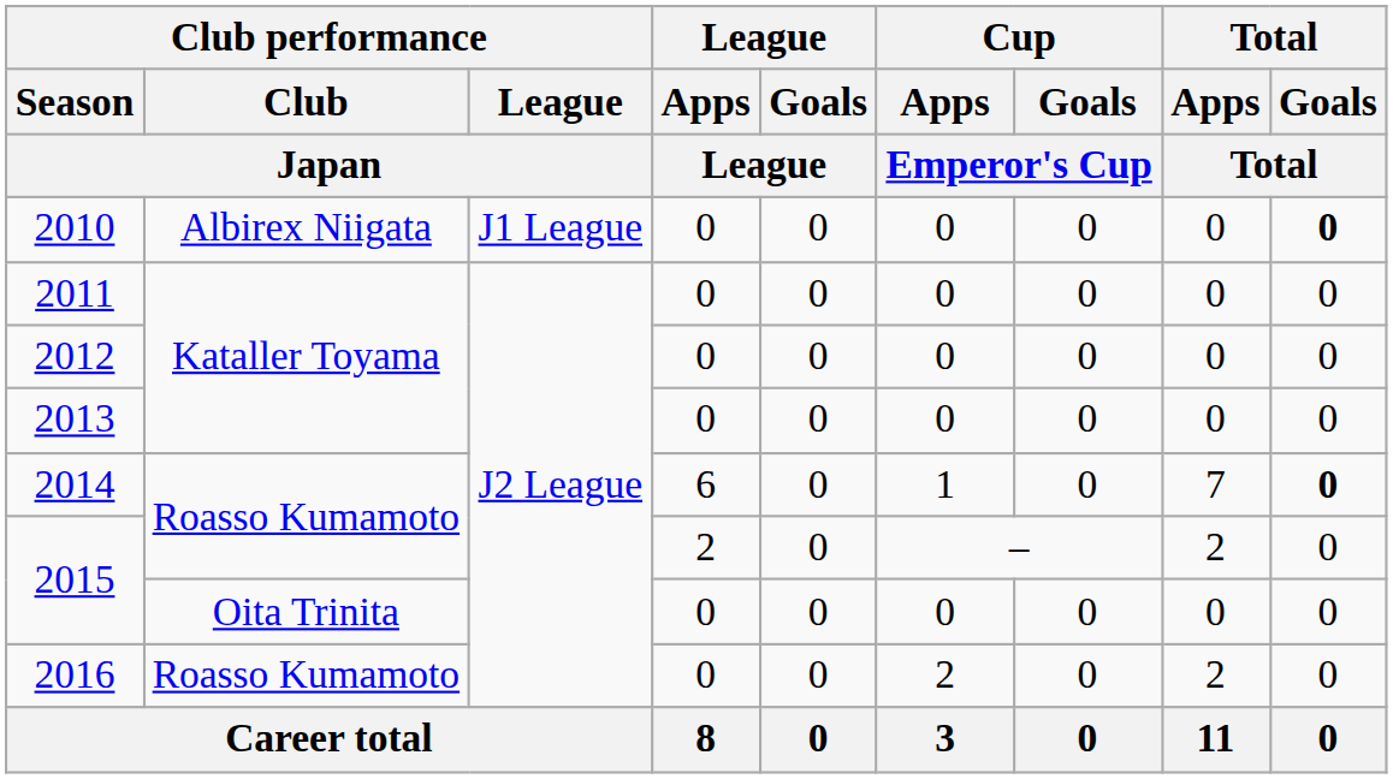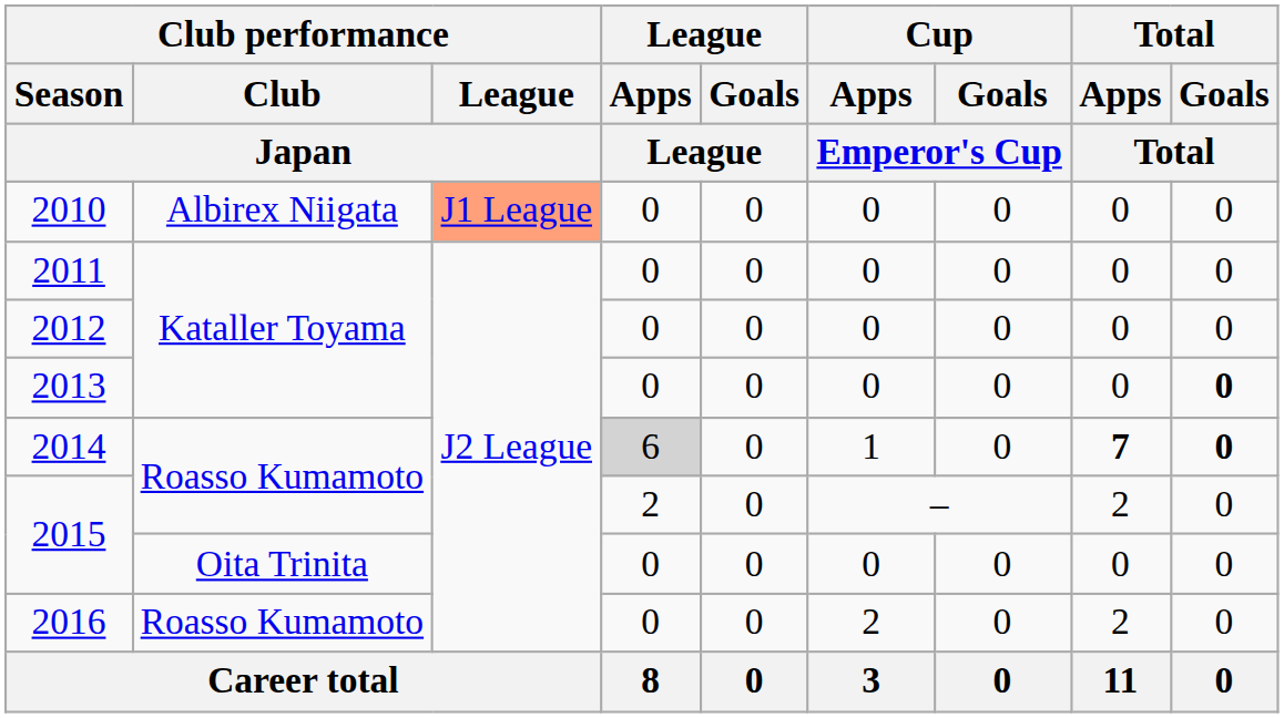 <table class="wikitable" style="text-align:center">
 <tr>
 <th colspan=3>Club performance</th>
 <th colspan=2>League</th>
 <th colspan=2>Cup</th>
 <th colspan=2>Total</th>
 </tr>
 <tr>
 <th>Season</th>
 <th>Club</th>
 <th>League</th>
 <th>Apps</th>
 <th>Goals</th>
 <th>Apps</th>
 <th>Goals</th>
 <th>Apps</th>
 <th>Goals</th>
 </tr>
 <tr>
 <th colspan=3>Japan</th>
 <th colspan=2>League</th>
 <th colspan=2><a href='#'>Emperor's Cup</a></th>
 <th colspan=2>Total</th>
 </tr>
 <tr>
 <td><a href='#'>2010</a></td>
 <td><a href='#'>Albirex Niigata</a></td>
-<td><a href='#'>J1 League</a></td>
+<td style="background: lightsalmon;"><a href='#'>J1 League</a></td>
 <td>0</td>
 <td>0</td>
 <td>0</td>
 <td>0</td>
 <td>0</td>
-<td><strong>0</strong></td>
+<td>0</td>
 </tr>
 <tr>
 <td><a href='#'>2011</a></td>
 <td rowspan="3"><a href='#'>Kataller Toyama</a></td>
 <td rowspan="7"><a href='#'>J2 League</a></td>
 <td>0</td>
 <td>0</td>
 <td>0</td>
 <td>0</td>
 <td>0</td>
 <td>0</td>
 </tr>
 <tr>
 <td><a href='#'>2012</a></td>
 <td>0</td>
 <td>0</td>
 <td>0</td>
 <td>0</td>
 <td>0</td>
 <td>0</td>
 </tr>
 <tr>
 <td><a href='#'>2013</a></td>
 <td>0</td>
 <td>0</td>
 <td>0</td>
 <td>0</td>
 <td>0</td>
-<td>0</td>
+<td><strong>0</strong></td>
 </tr>
 <tr>
 <td><a href='#'>2014</a></td>
 <td rowspan="2"><a href='#'>Roasso Kumamoto</a></td>
-<td>6</td>
+<td style="background: lightgrey;">6</td>
 <td>0</td>
 <td>1</td>
 <td>0</td>
-<td>7</td>
+<td><strong>7</strong></td>
 <td><strong>0</strong></td>
 </tr>
 <tr>
 <td rowspan="2"><a href='#'>2015</a></td>
 <td>2</td>
 <td>0</td>
 <td colspan="2">–</td>
 <td>2</td>
 <td>0</td>
 </tr>
 <tr>
 <td><a href='#'>Oita Trinita</a></td>
 <td>0</td>
 <td>0</td>
 <td>0</td>
 <td>0</td>
 <td>0</td>
 <td>0</td>
 </tr>
 <tr>
 <td><a href='#'>2016</a></td>
 <td><a href='#'>Roasso Kumamoto</a></td>
 <td>0</td>
 <td>0</td>
 <td>2</td>
 <td>0</td>
 <td>2</td>
 <td>0</td>
 </tr>
 <tr>
 <th colspan=3>Career total</th>
 <th>8</th>
 <th>0</th>
 <th>3</th>
 <th>0</th>
 <th>11</th>
 <th>0</th>
 </tr>
 </table>
